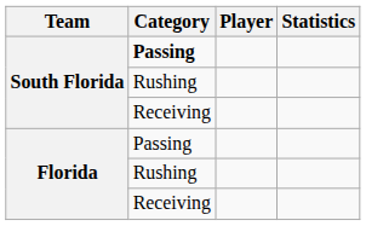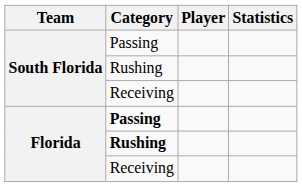 <table class="wikitable" style="float:right">
 <tr>
 <th>Team</th>
 <th>Category</th>
 <th>Player</th>
 <th>Statistics</th>
 </tr>
 <tr>
 <th rowspan=3>South Florida</th>
-<td><strong>Passing</strong></td>
+<td>Passing</td>
 <td></td>
 <td></td>
 </tr>
 <tr>
 <td>Rushing</td>
 <td></td>
 <td></td>
 </tr>
 <tr>
 <td>Receiving</td>
 <td></td>
 <td></td>
 </tr>
 <tr>
 <th rowspan=3>Florida</th>
-<td>Passing</td>
+<td><strong>Passing</strong></td>
 <td></td>
 <td></td>
 </tr>
 <tr>
-<td>Rushing</td>
+<td><strong>Rushing</strong></td>
 <td></td>
 <td></td>
 </tr>
 <tr>
 <td>Receiving</td>
 <td></td>
 <td></td>
 </tr>
 </table>
